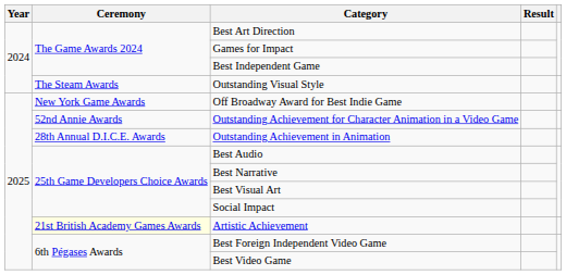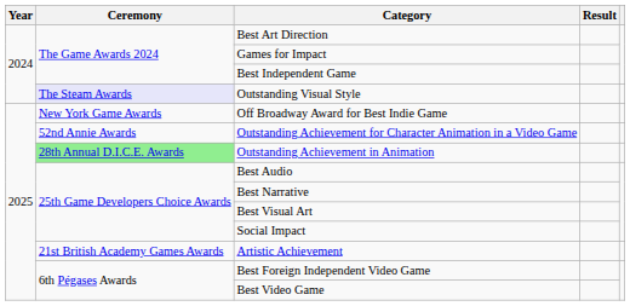 <table class="wikitable plainrowheaders sortable" width="auto">
 <tr>
 <th scope="col">Year</th>
 <th scope="col">Ceremony</th>
 <th scope="col">Category</th>
 <th scope="col">Result</th>
 <th scope="col" class="unsortable"></th>
 </tr>
 <tr>
 <td style="text-align:center;" rowspan="4">2024</td>
 <td rowspan="3"><a href='#'>The Game Awards 2024</a></td>
 <td>Best Art Direction</td>
 <td></td>
 <td rowspan="3" style="text-align:center;"></td>
 </tr>
 <tr>
 <td>Games for Impact</td>
 <td></td>
 </tr>
 <tr>
 <td>Best Independent Game</td>
 <td></td>
 </tr>
 <tr>
-<td><a href='#'>The Steam Awards</a></td>
+<td style="background: lavender;"><a href='#'>The Steam Awards</a></td>
 <td>Outstanding Visual Style</td>
 <td></td>
 <td style="text-align:center;"></td>
 </tr>
 <tr>
 <td rowspan="10" style="text-align:center;">2025</td>
 <td><a href='#'>New York Game Awards</a></td>
 <td>Off Broadway Award for Best Indie Game</td>
 <td></td>
 <td style="text-align:center;"></td>
 </tr>
 <tr>
 <td><a href='#'>52nd Annie Awards</a></td>
 <td><a href='#'>Outstanding Achievement for Character Animation in a Video Game</a></td>
 <td></td>
 <td style="text-align:center;"></td>
 </tr>
 <tr>
-<td><a href='#'>28th Annual D.I.C.E. Awards</a></td>
+<td style="background: lightgreen;"><a href='#'>28th Annual D.I.C.E. Awards</a></td>
 <td><a href='#'>Outstanding Achievement in Animation</a></td>
 <td></td>
 <td style="text-align:center;"></td>
 </tr>
 <tr>
 <td rowspan="4"><a href='#'>25th Game Developers Choice Awards</a></td>
 <td>Best Audio</td>
 <td></td>
 <td rowspan="4" style="text-align:center;"></td>
 </tr>
 <tr>
 <td>Best Narrative</td>
 <td></td>
 </tr>
 <tr>
 <td>Best Visual Art</td>
 <td></td>
 </tr>
 <tr>
 <td>Social Impact</td>
 <td></td>
 </tr>
 <tr>
-<td style="background: lightyellow;"><a href='#'>21st British Academy Games Awards</a></td>
+<td><a href='#'>21st British Academy Games Awards</a></td>
 <td><a href='#'>Artistic Achievement</a></td>
 <td></td>
 <td align="center"></td>
 </tr>
 <tr>
 <td rowspan="2">6th <a href='#'>Pégases</a> Awards</td>
 <td>Best Foreign Independent Video Game</td>
 <td></td>
 <td rowspan="2"></td>
 </tr>
 <tr>
 <td>Best Video Game</td>
 <td></td>
 </tr>
 </table>
